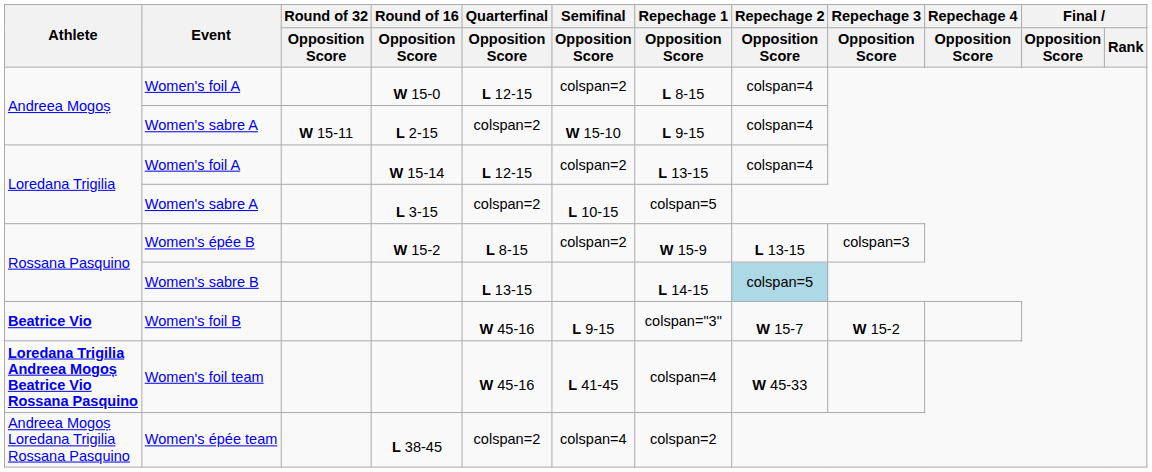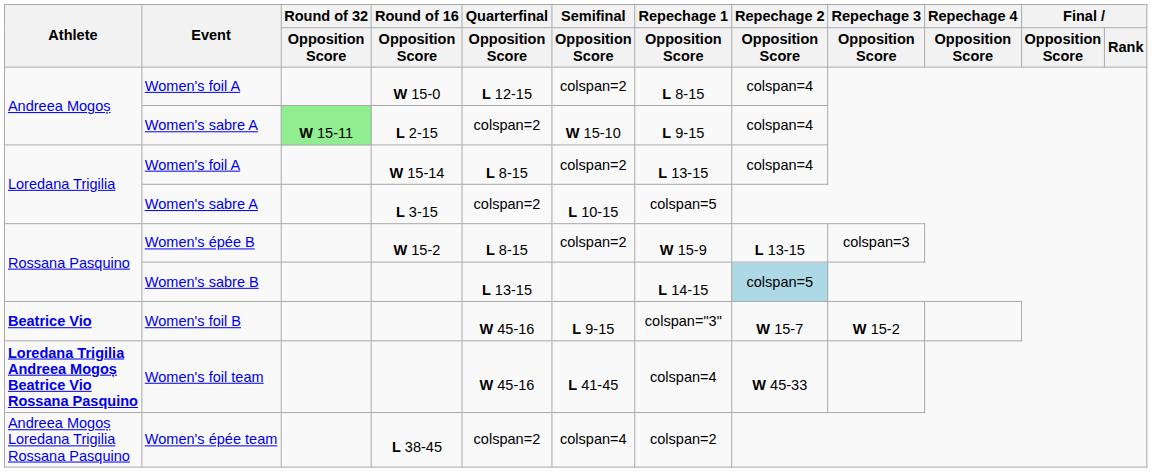 <table class=wikitable style="font-size:90%">
 <tr>
 <th rowspan="2">Athlete</th>
 <th rowspan="2">Event</th>
 <th>Round of 32</th>
 <th>Round of 16</th>
 <th>Quarterfinal</th>
 <th>Semifinal</th>
 <th>Repechage 1</th>
 <th>Repechage 2</th>
 <th>Repechage 3</th>
 <th>Repechage 4</th>
 <th colspan="2">Final / </th>
 </tr>
 <tr>
 <th>Opposition<br>Score</th>
 <th>Opposition<br>Score</th>
 <th>Opposition<br>Score</th>
 <th>Opposition<br>Score</th>
 <th>Opposition<br>Score</th>
 <th>Opposition<br>Score</th>
 <th>Opposition<br>Score</th>
 <th>Opposition<br>Score</th>
 <th>Opposition<br>Score</th>
 <th>Rank</th>
 </tr>
 <tr align=center>
 <td align=left rowspan=2><a href='#'>Andreea Mogoș</a></td>
 <td align=left><a href='#'>Women's foil A</a></td>
 <td></td>
 <td><br><strong>W</strong> 15-0</td>
 <td><br><strong>L</strong> 12-15</td>
 <td>colspan=2 </td>
 <td><br><strong>L</strong> 8-15</td>
 <td>colspan=4 </td>
 </tr>
 <tr align=center>
 <td align=left><a href='#'>Women's sabre A</a></td>
-<td><br><strong>W</strong> 15-11</td>
+<td style="background: lightgreen;"><br><strong>W</strong> 15-11</td>
 <td><br><strong>L</strong> 2-15</td>
 <td>colspan=2 </td>
 <td><br><strong>W</strong> 15-10</td>
 <td><br><strong>L</strong> 9-15</td>
 <td>colspan=4 </td>
 </tr>
 <tr align=center>
 <td align=left rowspan=2><a href='#'>Loredana Trigilia</a></td>
 <td align=left><a href='#'>Women's foil A</a></td>
 <td></td>
 <td><br><strong>W</strong> 15-14</td>
-<td><br><strong>L</strong> 12-15</td>
+<td><br><strong>L</strong> 8-15</td>
 <td>colspan=2 </td>
 <td><br><strong>L</strong> 13-15</td>
 <td>colspan=4 </td>
 </tr>
 <tr align=center>
 <td align=left><a href='#'>Women's sabre A</a></td>
 <td></td>
 <td><br><strong>L</strong> 3-15</td>
 <td>colspan=2 </td>
 <td><br><strong>L</strong> 10-15</td>
 <td>colspan=5 </td>
 </tr>
 <tr align=center>
 <td align=left rowspan=2><a href='#'>Rossana Pasquino</a></td>
 <td align=left><a href='#'>Women's épée B</a></td>
 <td></td>
 <td><br><strong>W</strong> 15-2</td>
 <td><br><strong>L</strong> 8-15</td>
 <td>colspan=2 </td>
 <td><br><strong>W</strong> 15-9</td>
 <td><br><strong>L</strong> 13-15</td>
 <td>colspan=3 </td>
 </tr>
 <tr align=center>
 <td align=left><a href='#'>Women's sabre B</a></td>
 <td></td>
 <td></td>
 <td><br><strong>L</strong> 13-15</td>
 <td></td>
 <td><br><strong>L</strong> 14-15</td>
 <td style="background: lightblue;">colspan=5 </td>
 </tr>
 <tr align=center>
 <td align=left><strong><a href='#'>Beatrice Vio</a></strong></td>
 <td align=left><a href='#'>Women's foil B</a></td>
 <td></td>
 <td></td>
 <td><br> <strong>W</strong> 45-16</td>
 <td><br><strong>L</strong> 9-15</td>
 <td>colspan="3" </td>
 <td><br><strong>W</strong> 15-7</td>
 <td><br><strong>W</strong> 15-2</td>
 <td></td>
 </tr>
 <tr align=center>
 <td align=left><strong><a href='#'>Loredana Trigilia</a><br><a href='#'>Andreea Mogoș</a><br><a href='#'>Beatrice Vio</a><br><a href='#'>Rossana Pasquino</a></strong></td>
 <td align=left><a href='#'>Women's foil team</a></td>
 <td></td>
 <td></td>
 <td><br> <strong>W</strong> 45-16</td>
 <td><br><strong>L</strong> 41-45</td>
 <td>colspan=4 </td>
 <td><br><strong>W</strong> 45-33</td>
 <td></td>
 </tr>
 <tr align=center>
 <td align=left><a href='#'>Andreea Mogoș</a><br><a href='#'>Loredana Trigilia</a><br><a href='#'>Rossana Pasquino</a></td>
 <td align=left><a href='#'>Women's épée team</a></td>
 <td></td>
 <td><br><strong>L</strong> 38-45</td>
 <td>colspan=2 </td>
 <td>colspan=4 </td>
 <td>colspan=2 </td>
 </tr>
 </table>
